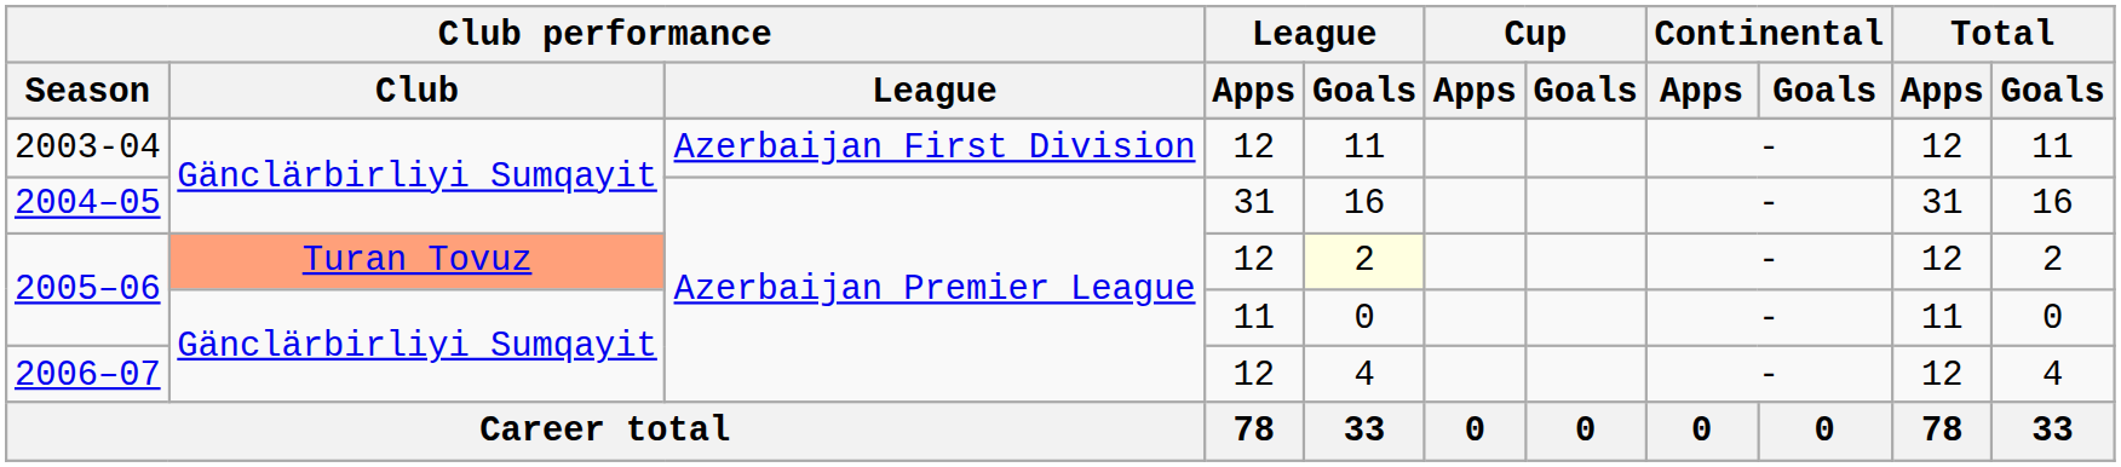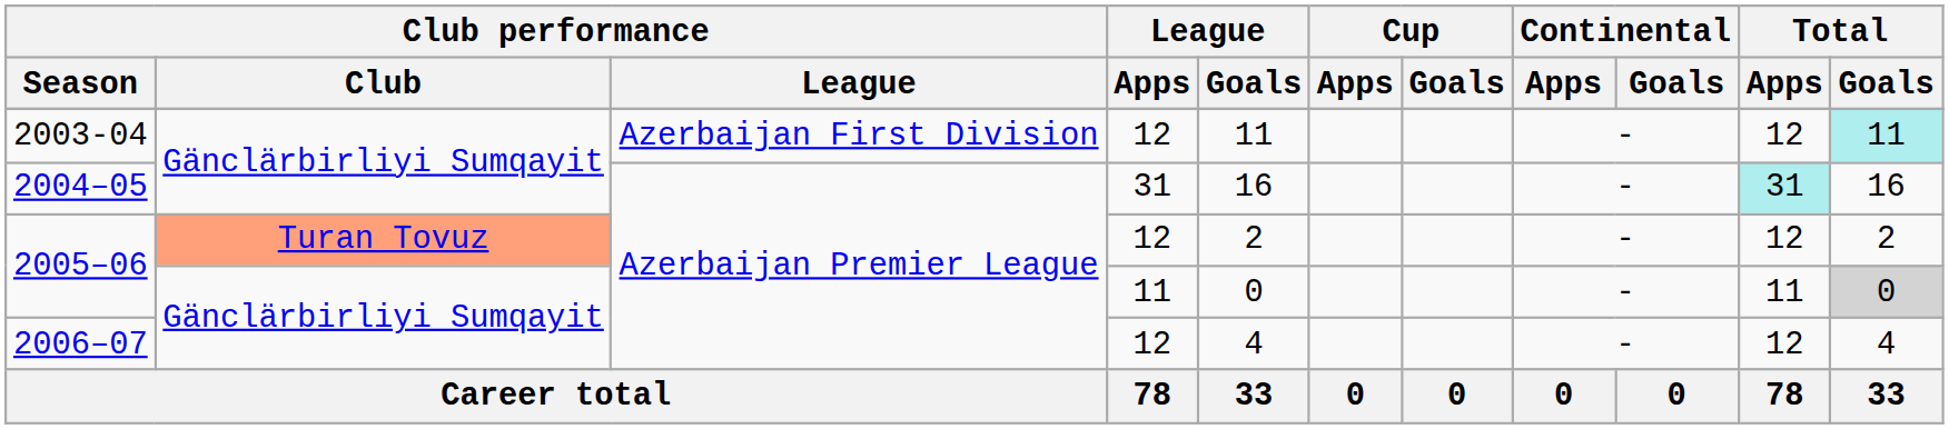 <table class="wikitable" style="text-align:center">
 <tr>
 <th colspan=3>Club performance</th>
 <th colspan=2>League</th>
 <th colspan=2>Cup</th>
 <th colspan=2>Continental</th>
 <th colspan=2>Total</th>
 </tr>
 <tr>
 <th>Season</th>
 <th>Club</th>
 <th>League</th>
 <th>Apps</th>
 <th>Goals</th>
 <th>Apps</th>
 <th>Goals</th>
 <th>Apps</th>
 <th>Goals</th>
 <th>Apps</th>
 <th>Goals</th>
 </tr>
 <tr>
 </tr>
 <tr>
 <td>2003-04</td>
 <td rowspan="2"><a href='#'>Gänclärbirliyi Sumqayit</a></td>
 <td><a href='#'>Azerbaijan First Division</a></td>
 <td>12</td>
 <td>11</td>
 <td></td>
 <td></td>
 <td colspan="2">-</td>
 <td>12</td>
-<td>11</td>
+<td style="background: paleturquoise;">11</td>
 </tr>
 <tr>
 <td><a href='#'>2004–05</a></td>
 <td rowspan="4"><a href='#'>Azerbaijan Premier League</a></td>
 <td>31</td>
 <td>16</td>
 <td></td>
 <td></td>
 <td colspan="2">-</td>
-<td>31</td>
+<td style="background: paleturquoise;">31</td>
 <td>16</td>
 </tr>
 <tr>
 <td rowspan="2"><a href='#'>2005–06</a></td>
 <td style="background: lightsalmon;"><a href='#'>Turan Tovuz</a></td>
 <td>12</td>
-<td style="background: lightyellow;">2</td>
+<td>2</td>
 <td></td>
 <td></td>
 <td colspan="2">-</td>
 <td>12</td>
 <td>2</td>
 </tr>
 <tr>
 <td rowspan="2"><a href='#'>Gänclärbirliyi Sumqayit</a></td>
 <td>11</td>
 <td>0</td>
 <td></td>
 <td></td>
 <td colspan="2">-</td>
 <td>11</td>
-<td>0</td>
+<td style="background: lightgrey;">0</td>
 </tr>
 <tr>
 <td><a href='#'>2006–07</a></td>
 <td>12</td>
 <td>4</td>
 <td></td>
 <td></td>
 <td colspan="2">-</td>
 <td>12</td>
 <td>4</td>
 </tr>
 <tr>
 <th colspan=3>Career total</th>
 <th>78</th>
 <th>33</th>
 <th>0</th>
 <th>0</th>
 <th>0</th>
 <th>0</th>
 <th>78</th>
 <th>33</th>
 </tr>
 </table>
